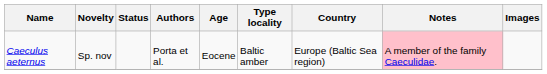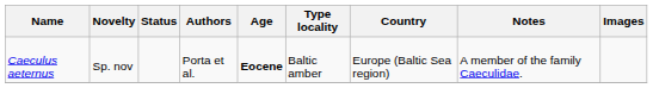 <table class="wikitable sortable" align="center">
 <tr>
 <th>Name</th>
 <th>Novelty</th>
 <th>Status</th>
 <th>Authors</th>
 <th>Age</th>
 <th>Type locality</th>
 <th>Country</th>
 <th>Notes</th>
 <th>Images</th>
 </tr>
 <tr>
 <td><br><em><a href='#'>Caeculus aeternus</a></em></td>
 <td><br>Sp. nov</td>
 <td></td>
 <td><br>Porta et al.</td>
-<td><br>Eocene</td>
+<td><strong><br>Eocene</strong></td>
 <td><br>Baltic amber</td>
 <td><br>Europe (Baltic Sea region)</td>
-<td style="background: pink;"><br>A member of the family <a href='#'>Caeculidae</a>.</td>
+<td><br>A member of the family <a href='#'>Caeculidae</a>.</td>
 <td></td>
 </tr>
 <tr>
 </tr>
 </table>
